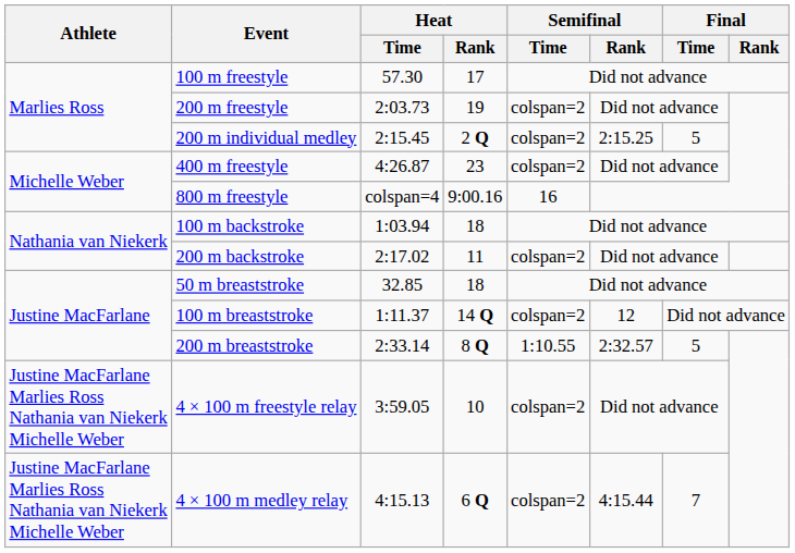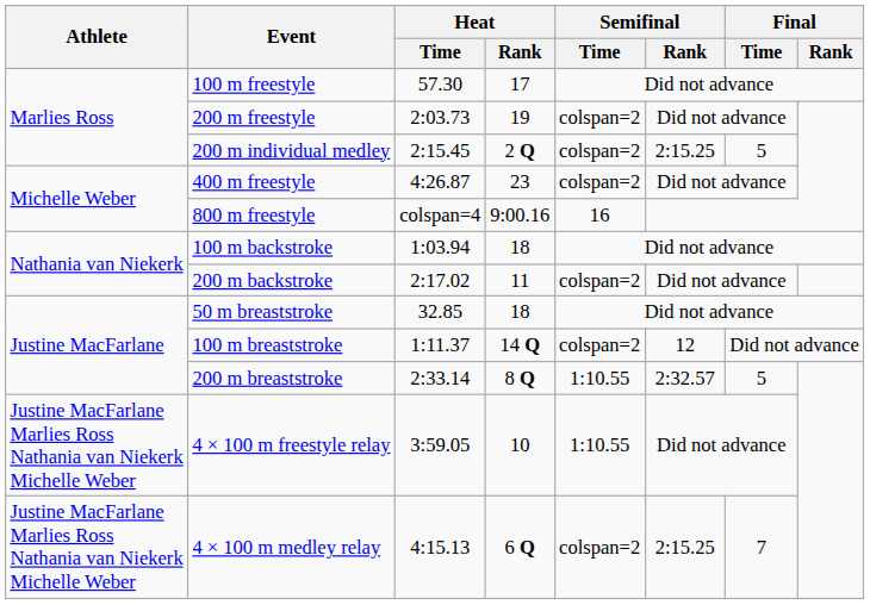 <table class=wikitable style="font-size:90%">
 <tr>
 <th rowspan=2>Athlete</th>
 <th rowspan=2>Event</th>
 <th colspan="2">Heat</th>
 <th colspan="2">Semifinal</th>
 <th colspan="2">Final</th>
 </tr>
 <tr style="font-size:95%">
 <th>Time</th>
 <th>Rank</th>
 <th>Time</th>
 <th>Rank</th>
 <th>Time</th>
 <th>Rank</th>
 </tr>
 <tr align=center>
 <td align=left rowspan=3><a href='#'>Marlies Ross</a></td>
 <td align=left><a href='#'>100 m freestyle</a></td>
 <td>57.30</td>
 <td>17</td>
 <td colspan=4>Did not advance</td>
 </tr>
 <tr align=center>
 <td align=left><a href='#'>200 m freestyle</a></td>
 <td>2:03.73</td>
 <td>19</td>
 <td>colspan=2 </td>
 <td colspan=2>Did not advance</td>
 </tr>
 <tr align=center>
 <td align=left><a href='#'>200 m individual medley</a></td>
 <td>2:15.45</td>
 <td>2 <strong>Q</strong></td>
 <td>colspan=2 </td>
 <td>2:15.25</td>
 <td>5</td>
 </tr>
 <tr align=center>
 <td align=left rowspan=2><a href='#'>Michelle Weber</a></td>
 <td align=left><a href='#'>400 m freestyle</a></td>
 <td>4:26.87</td>
 <td>23</td>
 <td>colspan=2 </td>
 <td colspan=2>Did not advance</td>
 </tr>
 <tr align=center>
 <td align=left><a href='#'>800 m freestyle</a></td>
 <td>colspan=4 </td>
 <td>9:00.16</td>
 <td>16</td>
 </tr>
 <tr align=center>
 <td align=left rowspan=2><a href='#'>Nathania van Niekerk</a></td>
 <td align=left><a href='#'>100 m backstroke</a></td>
 <td>1:03.94</td>
 <td>18</td>
 <td colspan=4>Did not advance</td>
 </tr>
 <tr align=center>
 <td align=left><a href='#'>200 m backstroke</a></td>
 <td>2:17.02</td>
 <td>11</td>
 <td>colspan=2 </td>
 <td colspan=2>Did not advance</td>
 </tr>
 <tr align=center>
 <td align=left rowspan=3><a href='#'>Justine MacFarlane</a></td>
 <td align=left><a href='#'>50 m breaststroke</a></td>
 <td>32.85</td>
 <td>18</td>
 <td colspan=4>Did not advance</td>
 </tr>
 <tr align=center>
 <td align=left><a href='#'>100 m breaststroke</a></td>
 <td>1:11.37</td>
 <td>14 <strong>Q</strong></td>
 <td>colspan=2 </td>
 <td>12</td>
 <td colspan=2>Did not advance</td>
 </tr>
 <tr align=center>
 <td align=left><a href='#'>200 m breaststroke</a></td>
 <td>2:33.14</td>
 <td>8 <strong>Q</strong></td>
 <td>1:10.55</td>
 <td>2:32.57</td>
 <td>5</td>
 </tr>
 <tr align=center>
 <td align=left><a href='#'>Justine MacFarlane</a><br><a href='#'>Marlies Ross</a><br><a href='#'>Nathania van Niekerk</a><br><a href='#'>Michelle Weber</a></td>
 <td align=left><a href='#'>4 × 100 m freestyle relay</a></td>
 <td>3:59.05</td>
 <td>10</td>
-<td>colspan=2 </td>
+<td>1:10.55</td>
 <td colspan=2>Did not advance</td>
 </tr>
 <tr align=center>
 <td align=left><a href='#'>Justine MacFarlane</a><br><a href='#'>Marlies Ross</a><br><a href='#'>Nathania van Niekerk</a><br><a href='#'>Michelle Weber</a></td>
 <td align=left><a href='#'>4 × 100 m medley relay</a></td>
 <td>4:15.13</td>
 <td>6 <strong>Q</strong></td>
 <td>colspan=2 </td>
-<td>4:15.44</td>
+<td>2:15.25</td>
 <td>7</td>
 </tr>
 </table>
